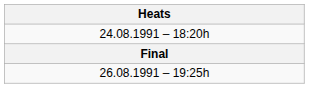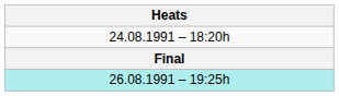 <table class="wikitable" style=" text-align:center; font-size:110%;" width="35%">
 <tr>
 <th>Heats</th>
 </tr>
 <tr>
 <td>24.08.1991 – 18:20h</td>
 </tr>
 <tr>
 <th>Final</th>
 </tr>
 <tr>
-<td>26.08.1991 – 19:25h</td>
+<td style="background: paleturquoise;">26.08.1991 – 19:25h</td>
 </tr>
 </table>
